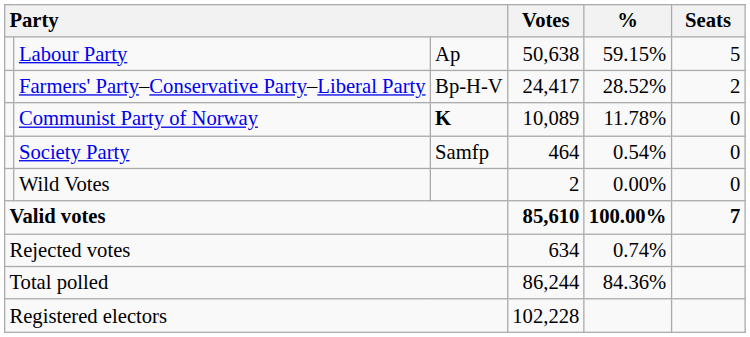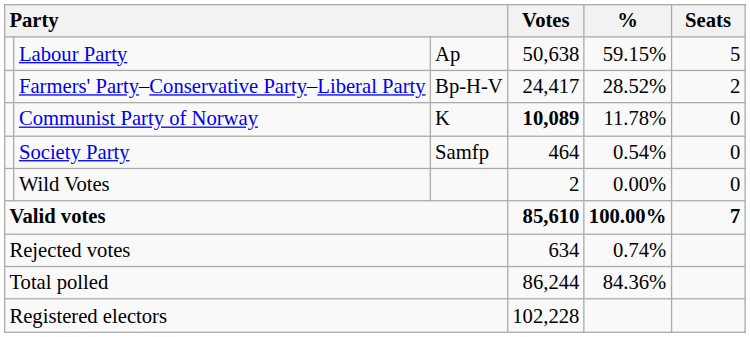 <table class="wikitable" border="1" style="text-align:right;">
 <tr>
 <th style="text-align:left;" colspan=3>Party</th>
 <th align=center width="50">Votes</th>
 <th align=center width="50">%</th>
 <th align=center width="50">Seats</th>
 </tr>
 <tr>
 <td style="color:inherit;background:"></td>
 <td align=left><a href='#'>Labour Party</a></td>
 <td align=left>Ap</td>
 <td>50,638</td>
 <td>59.15%</td>
 <td>5</td>
 </tr>
 <tr>
 <td></td>
 <td align=left><a href='#'>Farmers' Party</a>–<a href='#'>Conservative Party</a>–<a href='#'>Liberal Party</a></td>
 <td align=left>Bp-H-V</td>
 <td>24,417</td>
 <td>28.52%</td>
 <td>2</td>
 </tr>
 <tr>
 <td style="color:inherit;background:"></td>
 <td align=left><a href='#'>Communist Party of Norway</a></td>
-<td align=left><strong>K</strong></td>
-<td>10,089</td>
+<td align=left>K</td>
+<td><strong>10,089</strong></td>
 <td>11.78%</td>
 <td>0</td>
 </tr>
 <tr>
 <td></td>
 <td align=left><a href='#'>Society Party</a></td>
 <td align=left>Samfp</td>
 <td>464</td>
 <td>0.54%</td>
 <td>0</td>
 </tr>
 <tr>
 <td></td>
 <td align=left>Wild Votes</td>
 <td align=left></td>
 <td>2</td>
 <td>0.00%</td>
 <td>0</td>
 </tr>
 <tr style="font-weight:bold">
 <td align=left colspan=3>Valid votes</td>
 <td>85,610</td>
 <td>100.00%</td>
 <td>7</td>
 </tr>
 <tr>
 <td align=left colspan=3>Rejected votes</td>
 <td>634</td>
 <td>0.74%</td>
 <td></td>
 </tr>
 <tr>
 <td align=left colspan=3>Total polled</td>
 <td>86,244</td>
 <td>84.36%</td>
 <td></td>
 </tr>
 <tr>
 <td align=left colspan=3>Registered electors</td>
 <td>102,228</td>
 <td></td>
 <td></td>
 </tr>
 </table>
